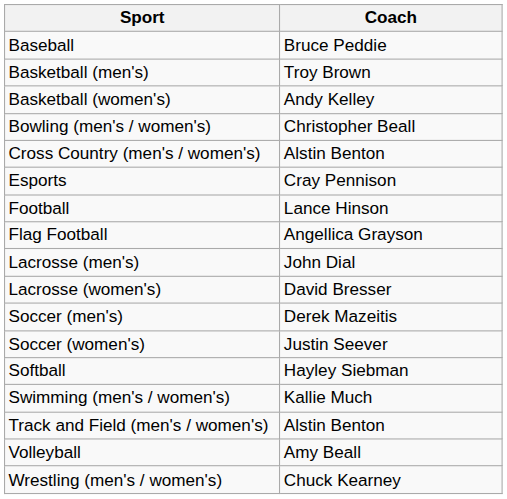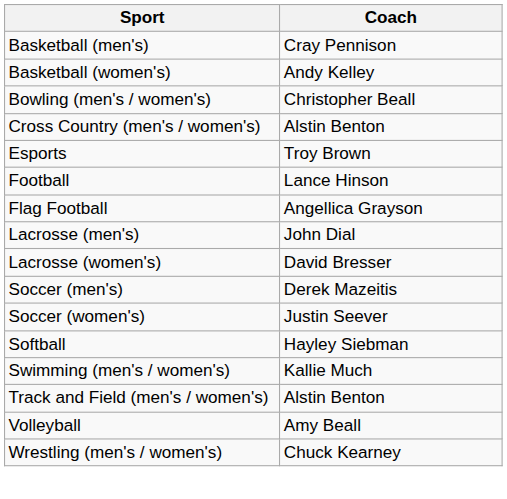 <table class="wikitable"; style= "text-align: ">
 <tr>
 <th width=250px>Sport</th>
 <th width=200px>Coach</th>
 </tr>
 <tr>
-<td>Baseball</td>
-<td>Bruce Peddie</td>
-</tr>
-<tr>
 <td>Basketball (men's)</td>
-<td>Troy Brown</td>
+<td>Cray Pennison</td>
 </tr>
 <tr>
 <td>Basketball (women's)</td>
 <td>Andy Kelley</td>
 </tr>
 <tr>
 <td>Bowling (men's / women's)</td>
 <td>Christopher Beall</td>
 </tr>
 <tr>
 <td>Cross Country (men's / women's)</td>
 <td>Alstin Benton</td>
 </tr>
 <tr>
 <td>Esports</td>
-<td>Cray Pennison</td>
+<td>Troy Brown</td>
 </tr>
 <tr>
 <td>Football</td>
 <td>Lance Hinson</td>
 </tr>
 <tr>
 <td>Flag Football</td>
 <td>Angellica Grayson</td>
 </tr>
 <tr>
 <td>Lacrosse (men's)</td>
 <td>John Dial</td>
 </tr>
 <tr>
 <td>Lacrosse (women's)</td>
 <td>David Bresser</td>
 </tr>
 <tr>
 <td>Soccer (men's)</td>
 <td>Derek Mazeitis</td>
 </tr>
 <tr>
 <td>Soccer (women's)</td>
 <td>Justin Seever</td>
 </tr>
 <tr>
 <td>Softball</td>
 <td>Hayley Siebman</td>
 </tr>
 <tr>
 <td>Swimming  (men's / women's)</td>
 <td>Kallie Much</td>
 </tr>
 <tr>
 <td>Track and Field (men's / women's)</td>
 <td>Alstin Benton</td>
 </tr>
 <tr>
 <td>Volleyball</td>
 <td>Amy Beall</td>
 </tr>
 <tr>
 <td>Wrestling (men's / women's)</td>
 <td>Chuck Kearney</td>
 </tr>
 </table>
